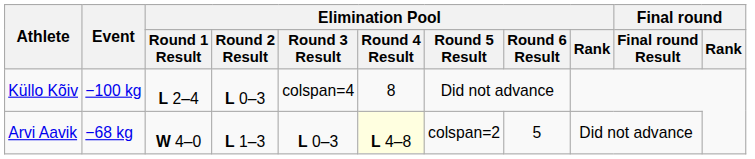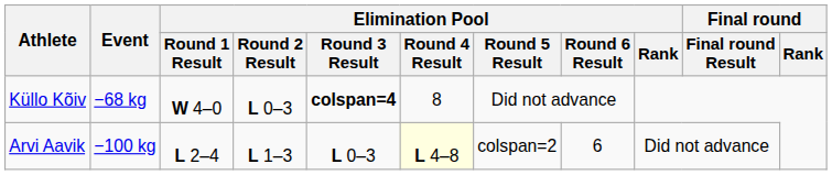 <table class="wikitable" style="font-size:90%">
 <tr>
 <th rowspan="2">Athlete</th>
 <th rowspan="2">Event</th>
 <th colspan=7>Elimination Pool</th>
 <th colspan=2>Final round</th>
 </tr>
 <tr style="font-size: 95%">
 <th>Round 1<br>Result</th>
 <th>Round 2<br>Result</th>
 <th>Round 3<br>Result</th>
 <th>Round 4<br>Result</th>
 <th>Round 5<br>Result</th>
 <th>Round 6<br>Result</th>
 <th>Rank</th>
 <th>Final round<br>Result</th>
 <th>Rank</th>
 </tr>
 <tr align=center>
 <td align=left><a href='#'>Küllo Kõiv</a></td>
-<td align=left><a href='#'>−100 kg</a></td>
-<td><br><strong>L</strong> 2–4</td>
+<td align=left><a href='#'>−68 kg</a></td>
+<td><br><strong>W</strong> 4–0</td>
 <td><br><strong>L</strong> 0–3</td>
-<td>colspan=4 </td>
+<td><strong>colspan=4 </strong></td>
 <td>8</td>
 <td colspan=2>Did not advance</td>
 </tr>
 <tr align=center>
 <td align=left><a href='#'>Arvi Aavik</a></td>
-<td align=left><a href='#'>−68 kg</a></td>
-<td><br><strong>W</strong> 4–0</td>
+<td align=left><a href='#'>−100 kg</a></td>
+<td><br><strong>L</strong> 2–4</td>
 <td><br><strong>L</strong> 1–3</td>
 <td><br><strong>L</strong> 0–3</td>
 <td style="background: lightyellow;"><br><strong>L</strong> 4–8</td>
 <td>colspan=2 </td>
-<td>5</td>
+<td>6</td>
 <td colspan=2>Did not advance</td>
 </tr>
 </table>
